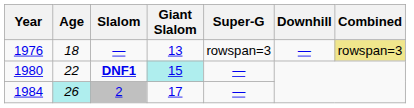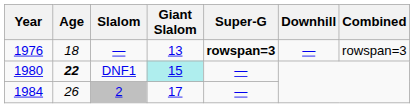 <table class=wikitable style="text-align:center">
 <tr>
 <th>  Year  </th>
 <th> Age </th>
 <th> Slalom </th>
 <th> Giant <br> Slalom </th>
 <th>Super-G</th>
 <th>Downhill</th>
 <th>Combined</th>
 </tr>
 <tr>
 <td><a href='#'>1976</a></td>
 <td><em>18</em></td>
 <td><a href='#'>—</a></td>
 <td><a href='#'>13</a></td>
+<td><strong>rowspan=3</strong></td>
+<td><a href='#'>—</a></td>
 <td>rowspan=3</td>
-<td><a href='#'>—</a></td>
-<td style="background: khaki;">rowspan=3</td>
 </tr>
 <tr>
 <td><a href='#'>1980</a></td>
-<td><em>22</em></td>
-<td><strong><a href='#'>DNF1</a></strong></td>
+<td><strong><em>22</em></strong></td>
+<td><a href='#'>DNF1</a></td>
 <td style="background: paleturquoise;"><a href='#'>15</a></td>
 <td><a href='#'>—</a></td>
 </tr>
 <tr>
 <td><a href='#'>1984</a></td>
-<td style="background: paleturquoise;"><em>26</em></td>
+<td><em>26</em></td>
 <td style="background:silver;"><a href='#'>2</a></td>
 <td><a href='#'>17</a></td>
 <td><a href='#'>—</a></td>
 </tr>
 </table>
